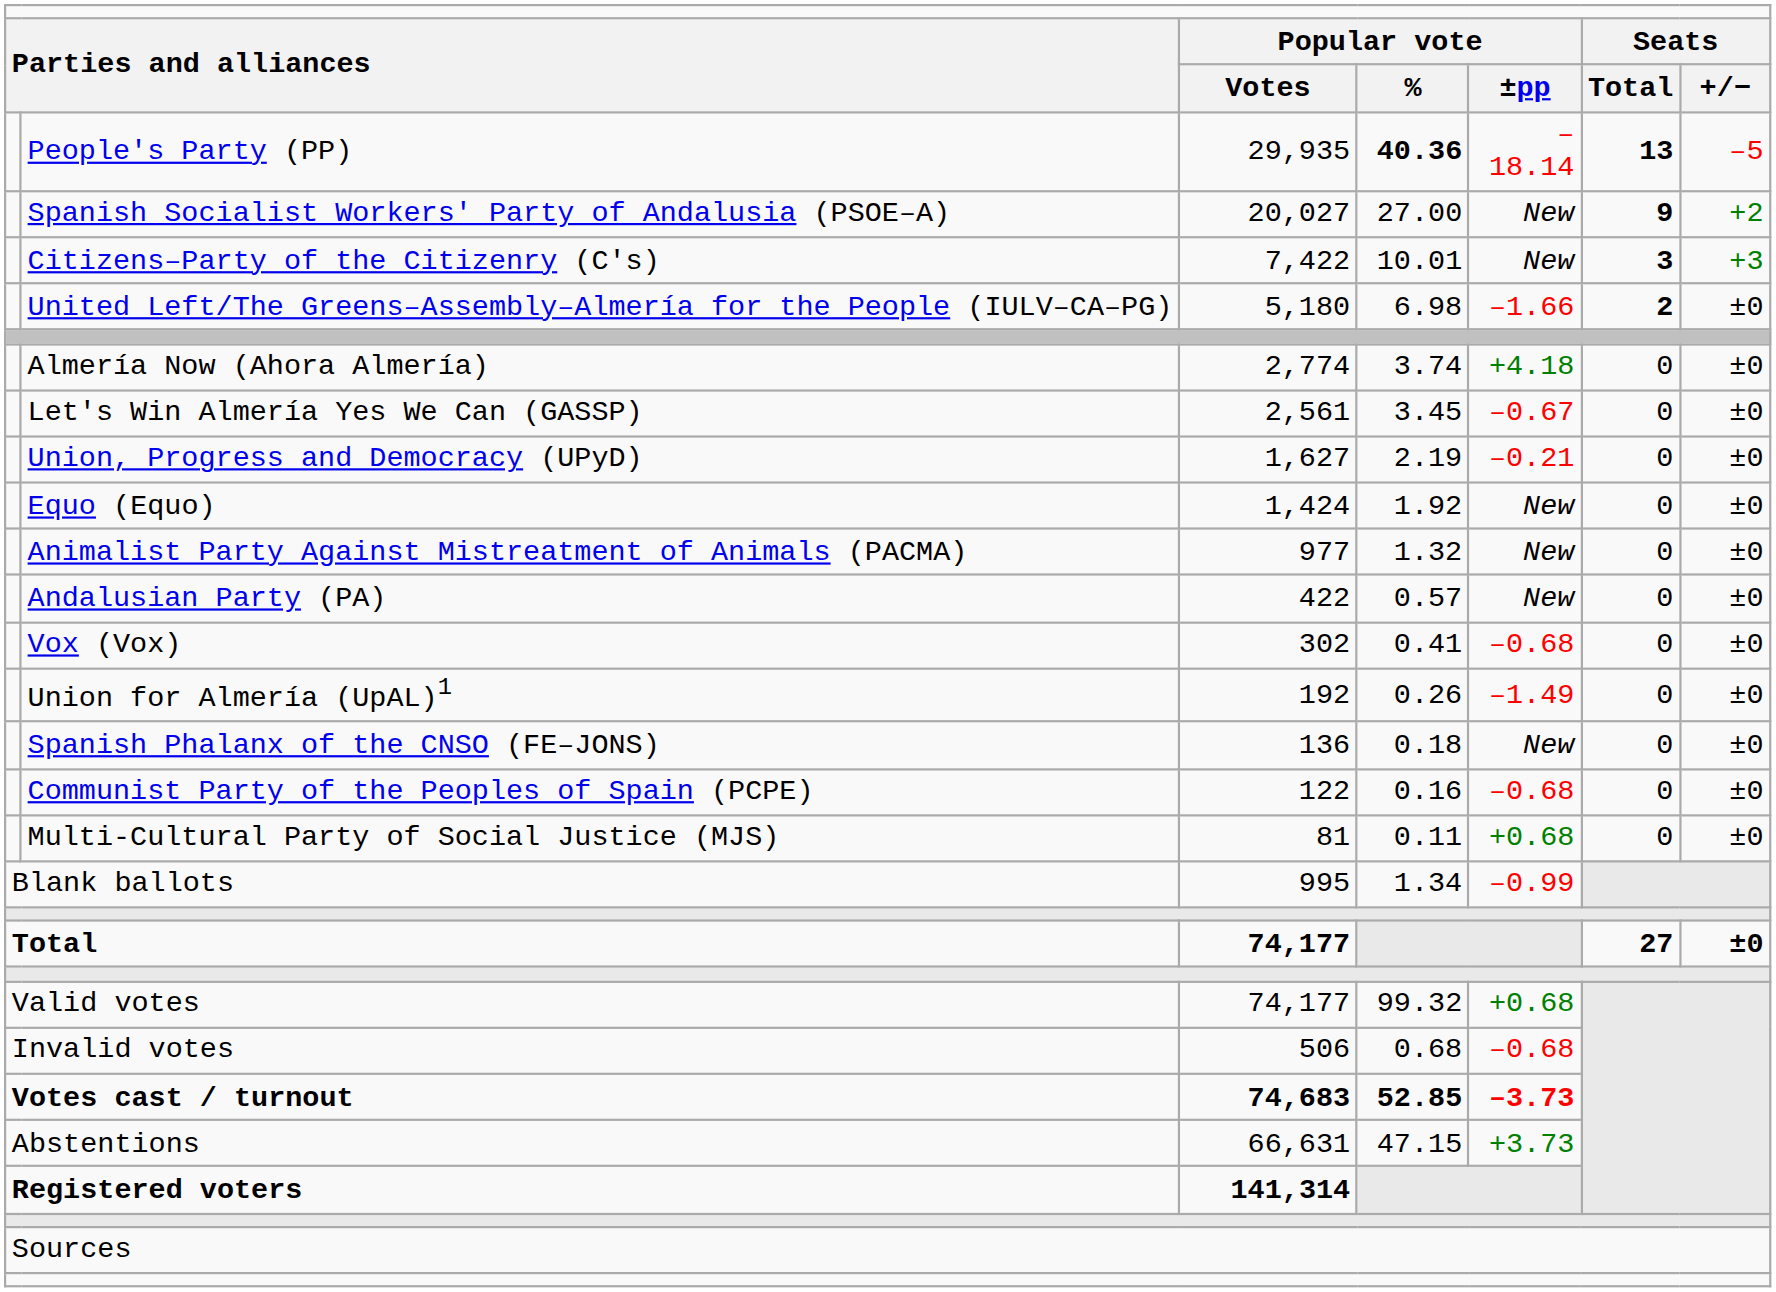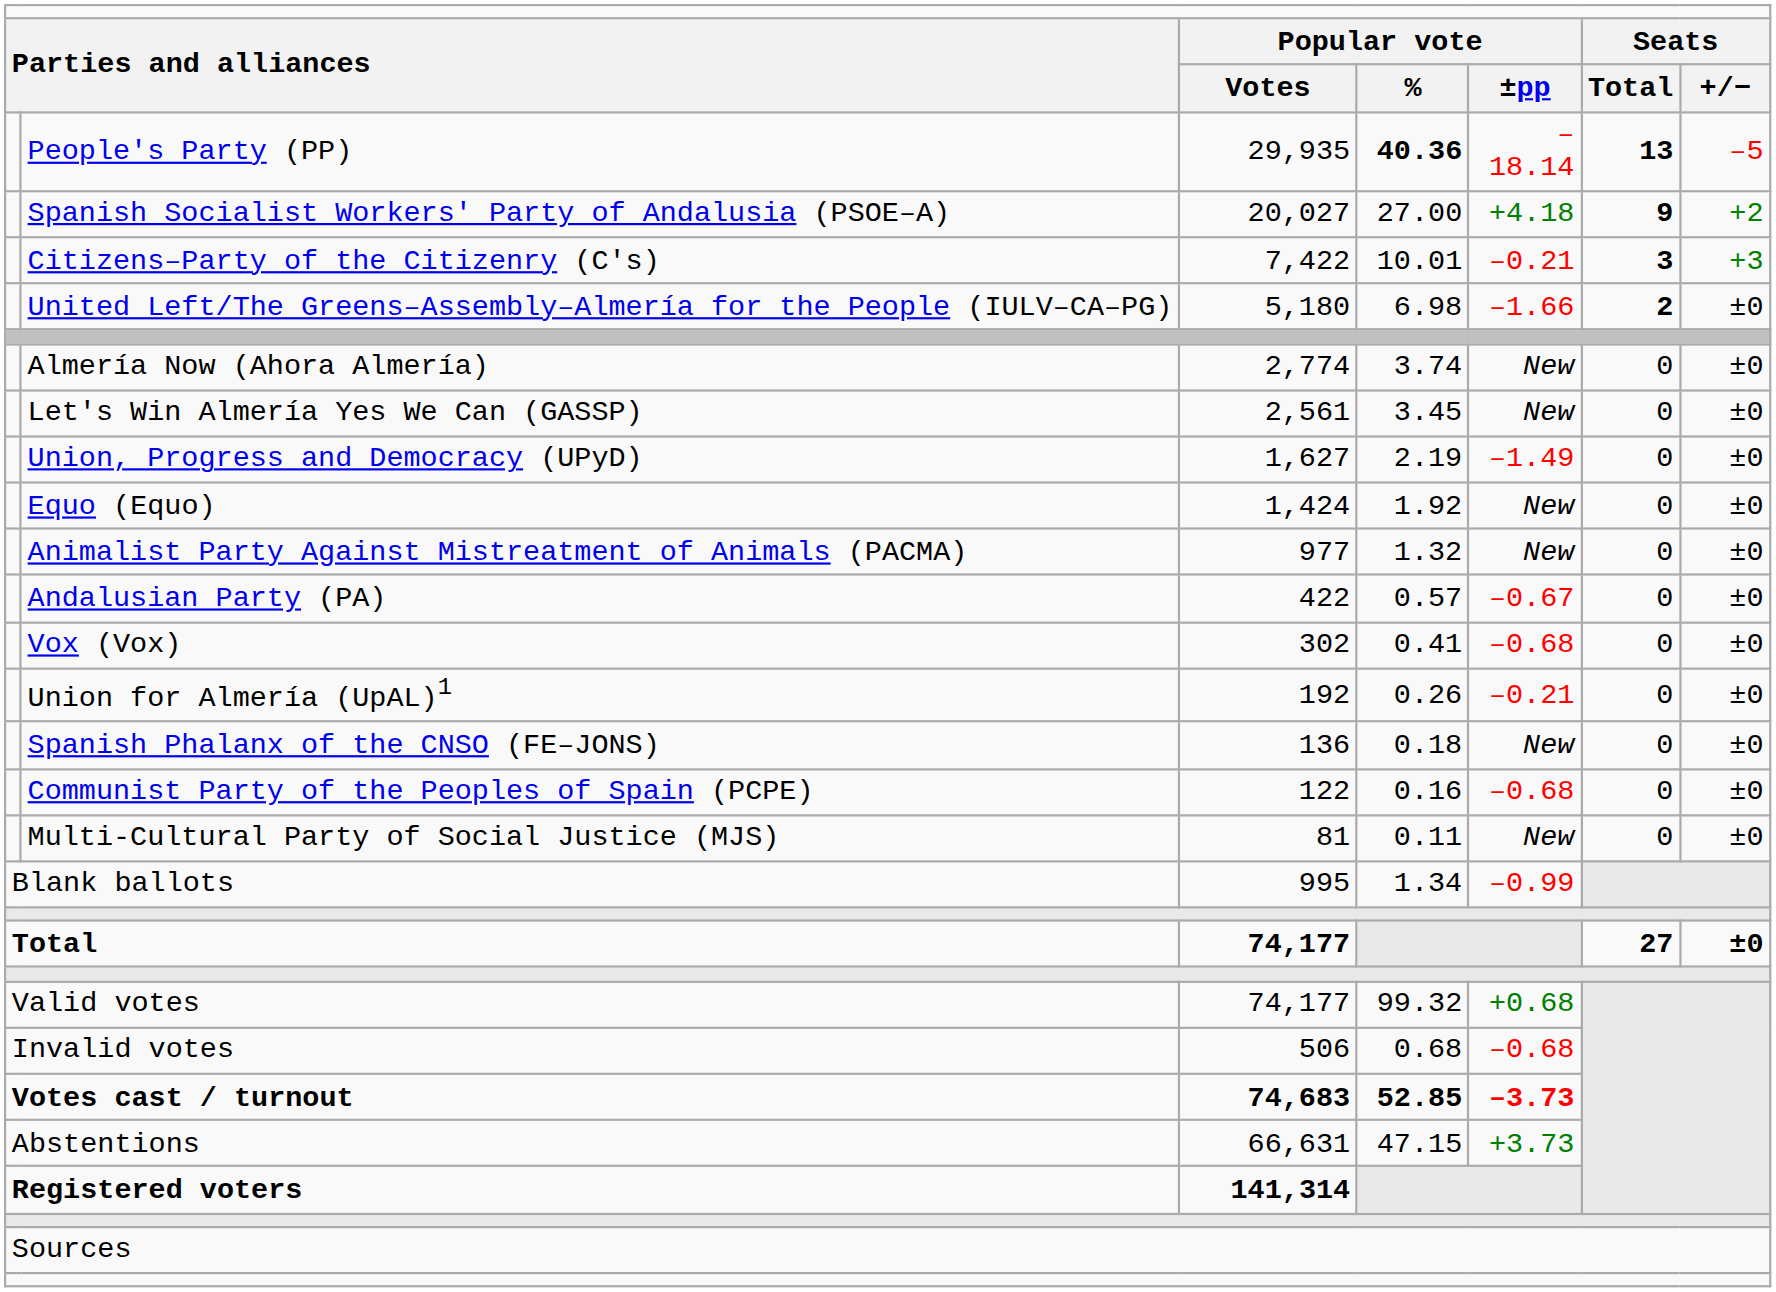 <table class="wikitable" style="text-align:right;">
 <tr>
 <td colspan="7"></td>
 </tr>
 <tr>
 <th style="text-align:left;" rowspan="2" colspan="2" width="525">Parties and alliances</th>
 <th colspan="3">Popular vote</th>
 <th colspan="2">Seats</th>
 </tr>
 <tr>
 <th width="75">Votes</th>
 <th width="45">%</th>
 <th width="45">±<a href='#'>pp</a></th>
 <th width="35">Total</th>
 <th width="35">+/−</th>
 </tr>
 <tr>
 <td width="1" style="color:inherit;background:"></td>
 <td align="left"><a href='#'>People's Party</a> (PP)</td>
 <td>29,935</td>
 <td><strong>40.36</strong></td>
 <td style="color:red;">–18.14</td>
 <td><strong>13</strong></td>
 <td style="color:red;">–5</td>
 </tr>
 <tr>
 <td style="color:inherit;background:"></td>
 <td align="left"><a href='#'>Spanish Socialist Workers' Party of Andalusia</a> (PSOE–A)</td>
 <td>20,027</td>
 <td>27.00</td>
-<td><em>New</em></td>
+<td style="color:green;">+4.18</td>
 <td><strong>9</strong></td>
 <td style="color:green;">+2</td>
 </tr>
 <tr>
 <td style="color:inherit;background:"></td>
 <td align="left"><a href='#'>Citizens–Party of the Citizenry</a> (C's)</td>
 <td>7,422</td>
 <td>10.01</td>
-<td><em>New</em></td>
+<td style="color:red;">–0.21</td>
 <td><strong>3</strong></td>
 <td style="color:green;">+3</td>
 </tr>
 <tr>
 <td style="color:inherit;background:"></td>
 <td align="left"><a href='#'>United Left/The Greens–Assembly–Almería for the People</a> (IULV–CA–PG)</td>
 <td>5,180</td>
 <td>6.98</td>
 <td style="color:red;">–1.66</td>
 <td><strong>2</strong></td>
 <td>±0</td>
 </tr>
 <tr>
 <td colspan="7" bgcolor="#C0C0C0"></td>
 </tr>
 <tr>
 <td style="color:inherit;background:"></td>
 <td align="left">Almería Now (Ahora Almería)</td>
 <td>2,774</td>
 <td>3.74</td>
-<td style="color:green;">+4.18</td>
+<td><em>New</em></td>
 <td>0</td>
 <td>±0</td>
 </tr>
 <tr>
 <td style="color:inherit;background:"></td>
 <td align="left">Let's Win Almería Yes We Can (GASSP)</td>
 <td>2,561</td>
 <td>3.45</td>
-<td style="color:red;">–0.67</td>
+<td><em>New</em></td>
 <td>0</td>
 <td>±0</td>
 </tr>
 <tr>
 <td style="color:inherit;background:"></td>
 <td align="left"><a href='#'>Union, Progress and Democracy</a> (UPyD)</td>
 <td>1,627</td>
 <td>2.19</td>
-<td style="color:red;">–0.21</td>
+<td style="color:red;">–1.49</td>
 <td>0</td>
 <td>±0</td>
 </tr>
 <tr>
 <td style="color:inherit;background:"></td>
 <td align="left"><a href='#'>Equo</a> (Equo)</td>
 <td>1,424</td>
 <td>1.92</td>
 <td><em>New</em></td>
 <td>0</td>
 <td>±0</td>
 </tr>
 <tr>
 <td style="color:inherit;background:"></td>
 <td align="left"><a href='#'>Animalist Party Against Mistreatment of Animals</a> (PACMA)</td>
 <td>977</td>
 <td>1.32</td>
 <td><em>New</em></td>
 <td>0</td>
 <td>±0</td>
 </tr>
 <tr>
 <td style="color:inherit;background:"></td>
 <td align="left"><a href='#'>Andalusian Party</a> (PA)</td>
 <td>422</td>
 <td>0.57</td>
-<td><em>New</em></td>
+<td style="color:red;">–0.67</td>
 <td>0</td>
 <td>±0</td>
 </tr>
 <tr>
 <td style="color:inherit;background:"></td>
 <td align="left"><a href='#'>Vox</a> (Vox)</td>
 <td>302</td>
 <td>0.41</td>
 <td style="color:red;">–0.68</td>
 <td>0</td>
 <td>±0</td>
 </tr>
 <tr>
 <td style="color:inherit;background:"></td>
 <td align="left">Union for Almería (UpAL)<sup>1</sup></td>
 <td>192</td>
 <td>0.26</td>
-<td style="color:red;">–1.49</td>
+<td style="color:red;">–0.21</td>
 <td>0</td>
 <td>±0</td>
 </tr>
 <tr>
 <td style="color:inherit;background:"></td>
 <td align="left"><a href='#'>Spanish Phalanx of the CNSO</a> (FE–JONS)</td>
 <td>136</td>
 <td>0.18</td>
 <td><em>New</em></td>
 <td>0</td>
 <td>±0</td>
 </tr>
 <tr>
 <td style="color:inherit;background:"></td>
 <td align="left"><a href='#'>Communist Party of the Peoples of Spain</a> (PCPE)</td>
 <td>122</td>
 <td>0.16</td>
 <td style="color:red;">–0.68</td>
 <td>0</td>
 <td>±0</td>
 </tr>
 <tr>
 <td style="color:inherit;background:"></td>
 <td align="left">Multi-Cultural Party of Social Justice (MJS)</td>
 <td>81</td>
 <td>0.11</td>
-<td style="color:green;">+0.68</td>
+<td><em>New</em></td>
 <td>0</td>
 <td>±0</td>
 </tr>
 <tr>
 <td align="left" colspan="2">Blank ballots</td>
 <td>995</td>
 <td>1.34</td>
 <td style="color:red;">–0.99</td>
 <td bgcolor="#E9E9E9" colspan="2"></td>
 </tr>
 <tr>
 <td colspan="7" bgcolor="#E9E9E9"></td>
 </tr>
 <tr style="font-weight:bold;">
 <td align="left" colspan="2">Total</td>
 <td>74,177</td>
 <td bgcolor="#E9E9E9" colspan="2"></td>
 <td>27</td>
 <td>±0</td>
 </tr>
 <tr>
 <td colspan="7" bgcolor="#E9E9E9"></td>
 </tr>
 <tr>
 <td align="left" colspan="2">Valid votes</td>
 <td>74,177</td>
 <td>99.32</td>
 <td style="color:green;">+0.68</td>
 <td bgcolor="#E9E9E9" colspan="2" rowspan="5"></td>
 </tr>
 <tr>
 <td align="left" colspan="2">Invalid votes</td>
 <td>506</td>
 <td>0.68</td>
 <td style="color:red;">–0.68</td>
 </tr>
 <tr style="font-weight:bold;">
 <td align="left" colspan="2">Votes cast / turnout</td>
 <td>74,683</td>
 <td>52.85</td>
 <td style="color:red;">–3.73</td>
 </tr>
 <tr>
 <td align="left" colspan="2">Abstentions</td>
 <td>66,631</td>
 <td>47.15</td>
 <td style="color:green;">+3.73</td>
 </tr>
 <tr style="font-weight:bold;">
 <td align="left" colspan="2">Registered voters</td>
 <td>141,314</td>
 <td bgcolor="#E9E9E9" colspan="2"></td>
 </tr>
 <tr>
 <td colspan="7" bgcolor="#E9E9E9"></td>
 </tr>
 <tr>
 <td align="left" colspan="7">Sources</td>
 </tr>
 <tr>
 <td colspan="7" style="text-align:left; max-width:790px;"></td>
 </tr>
 </table>
